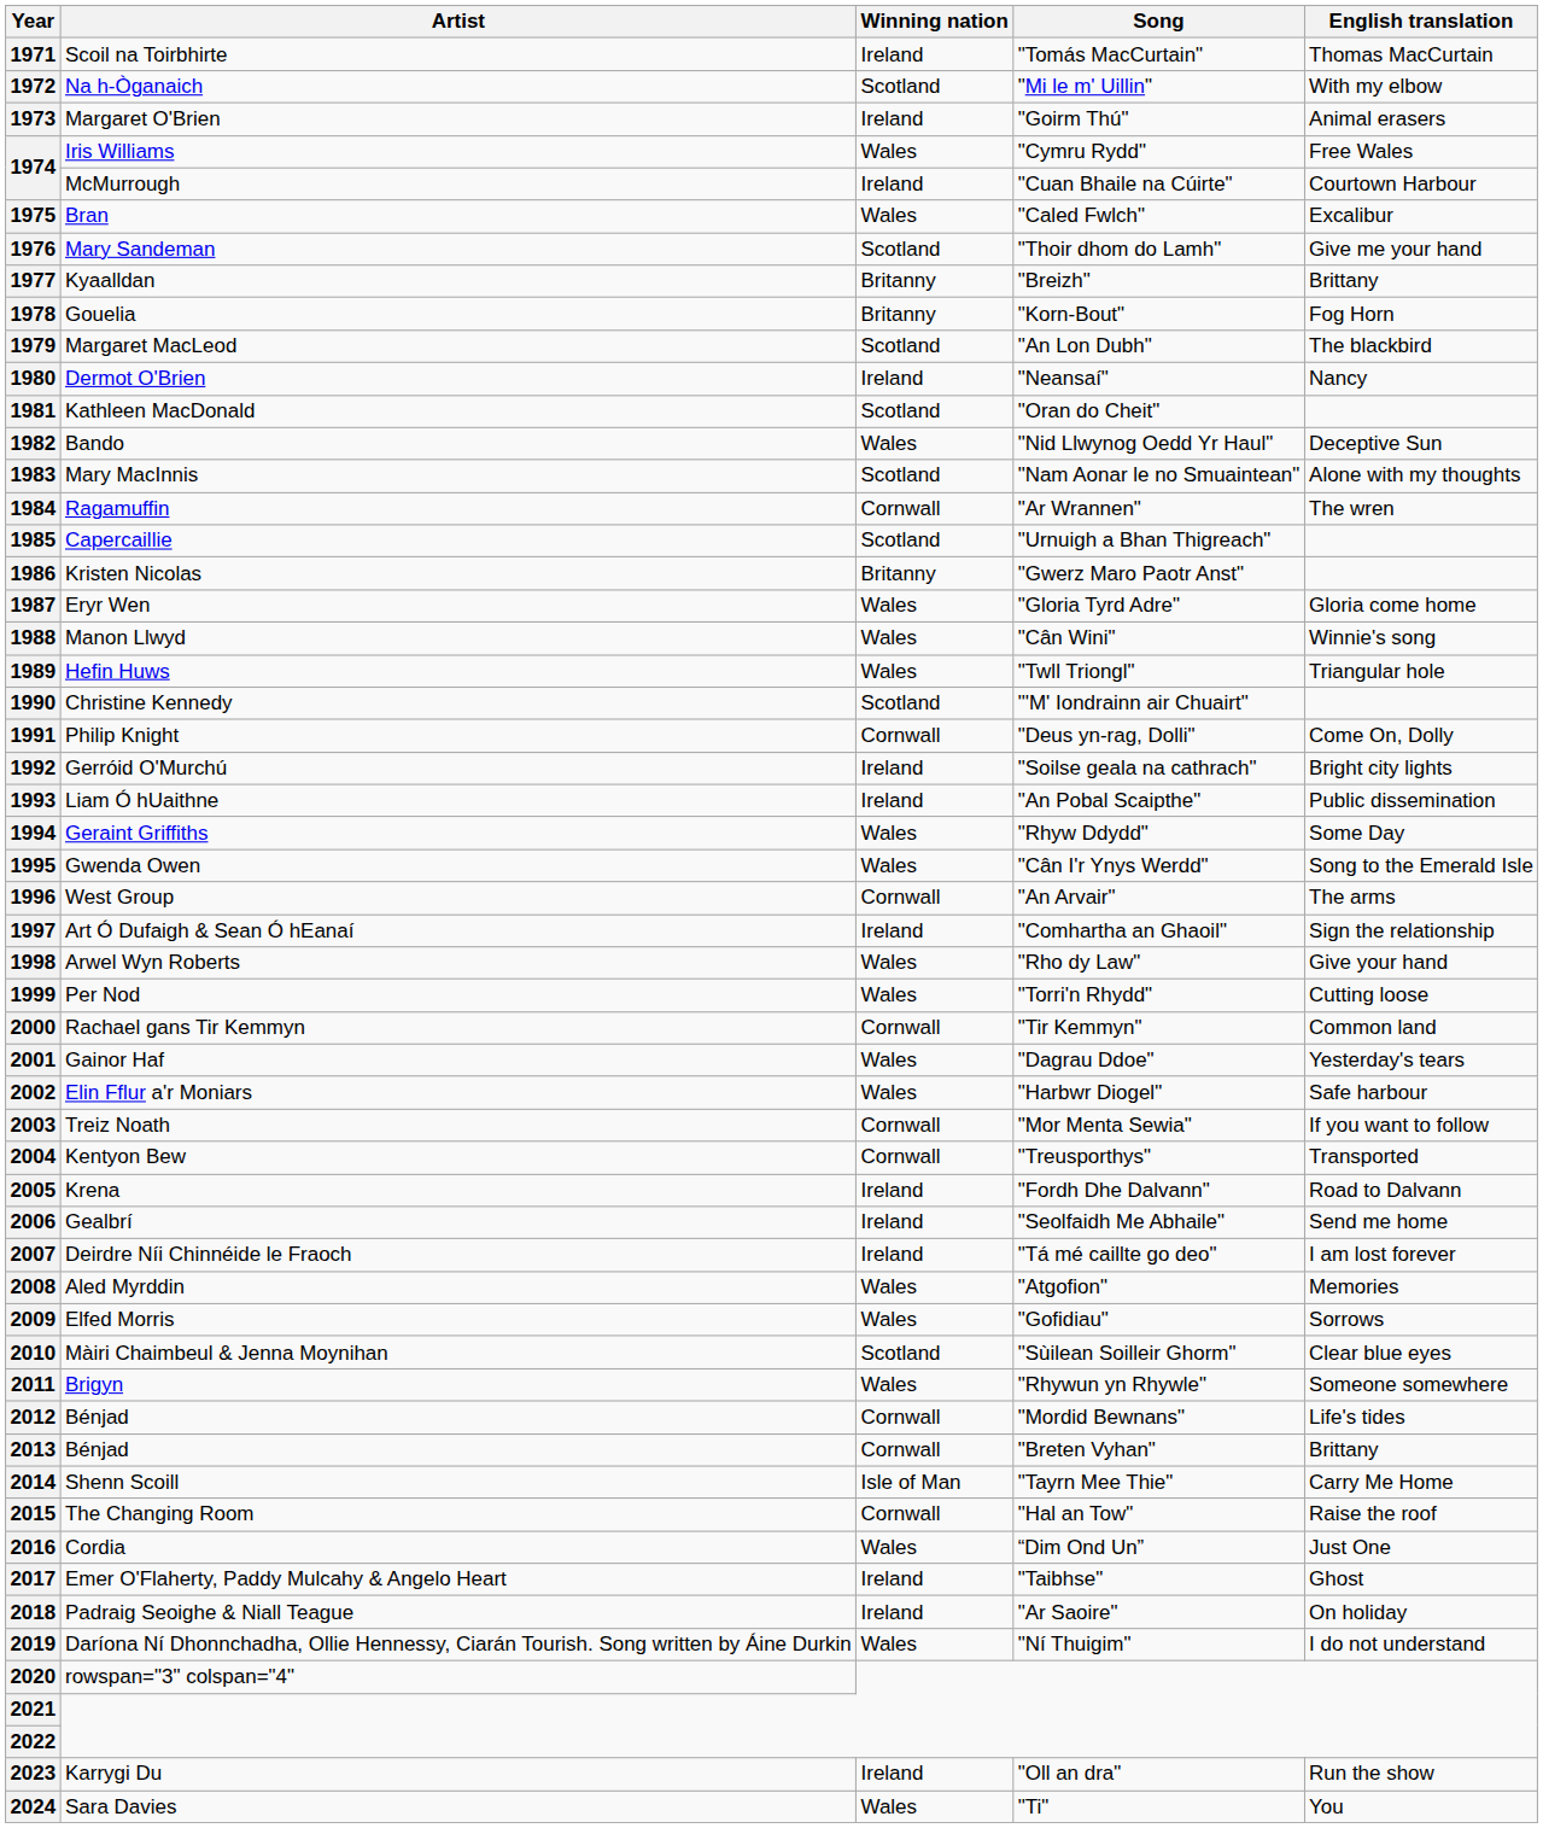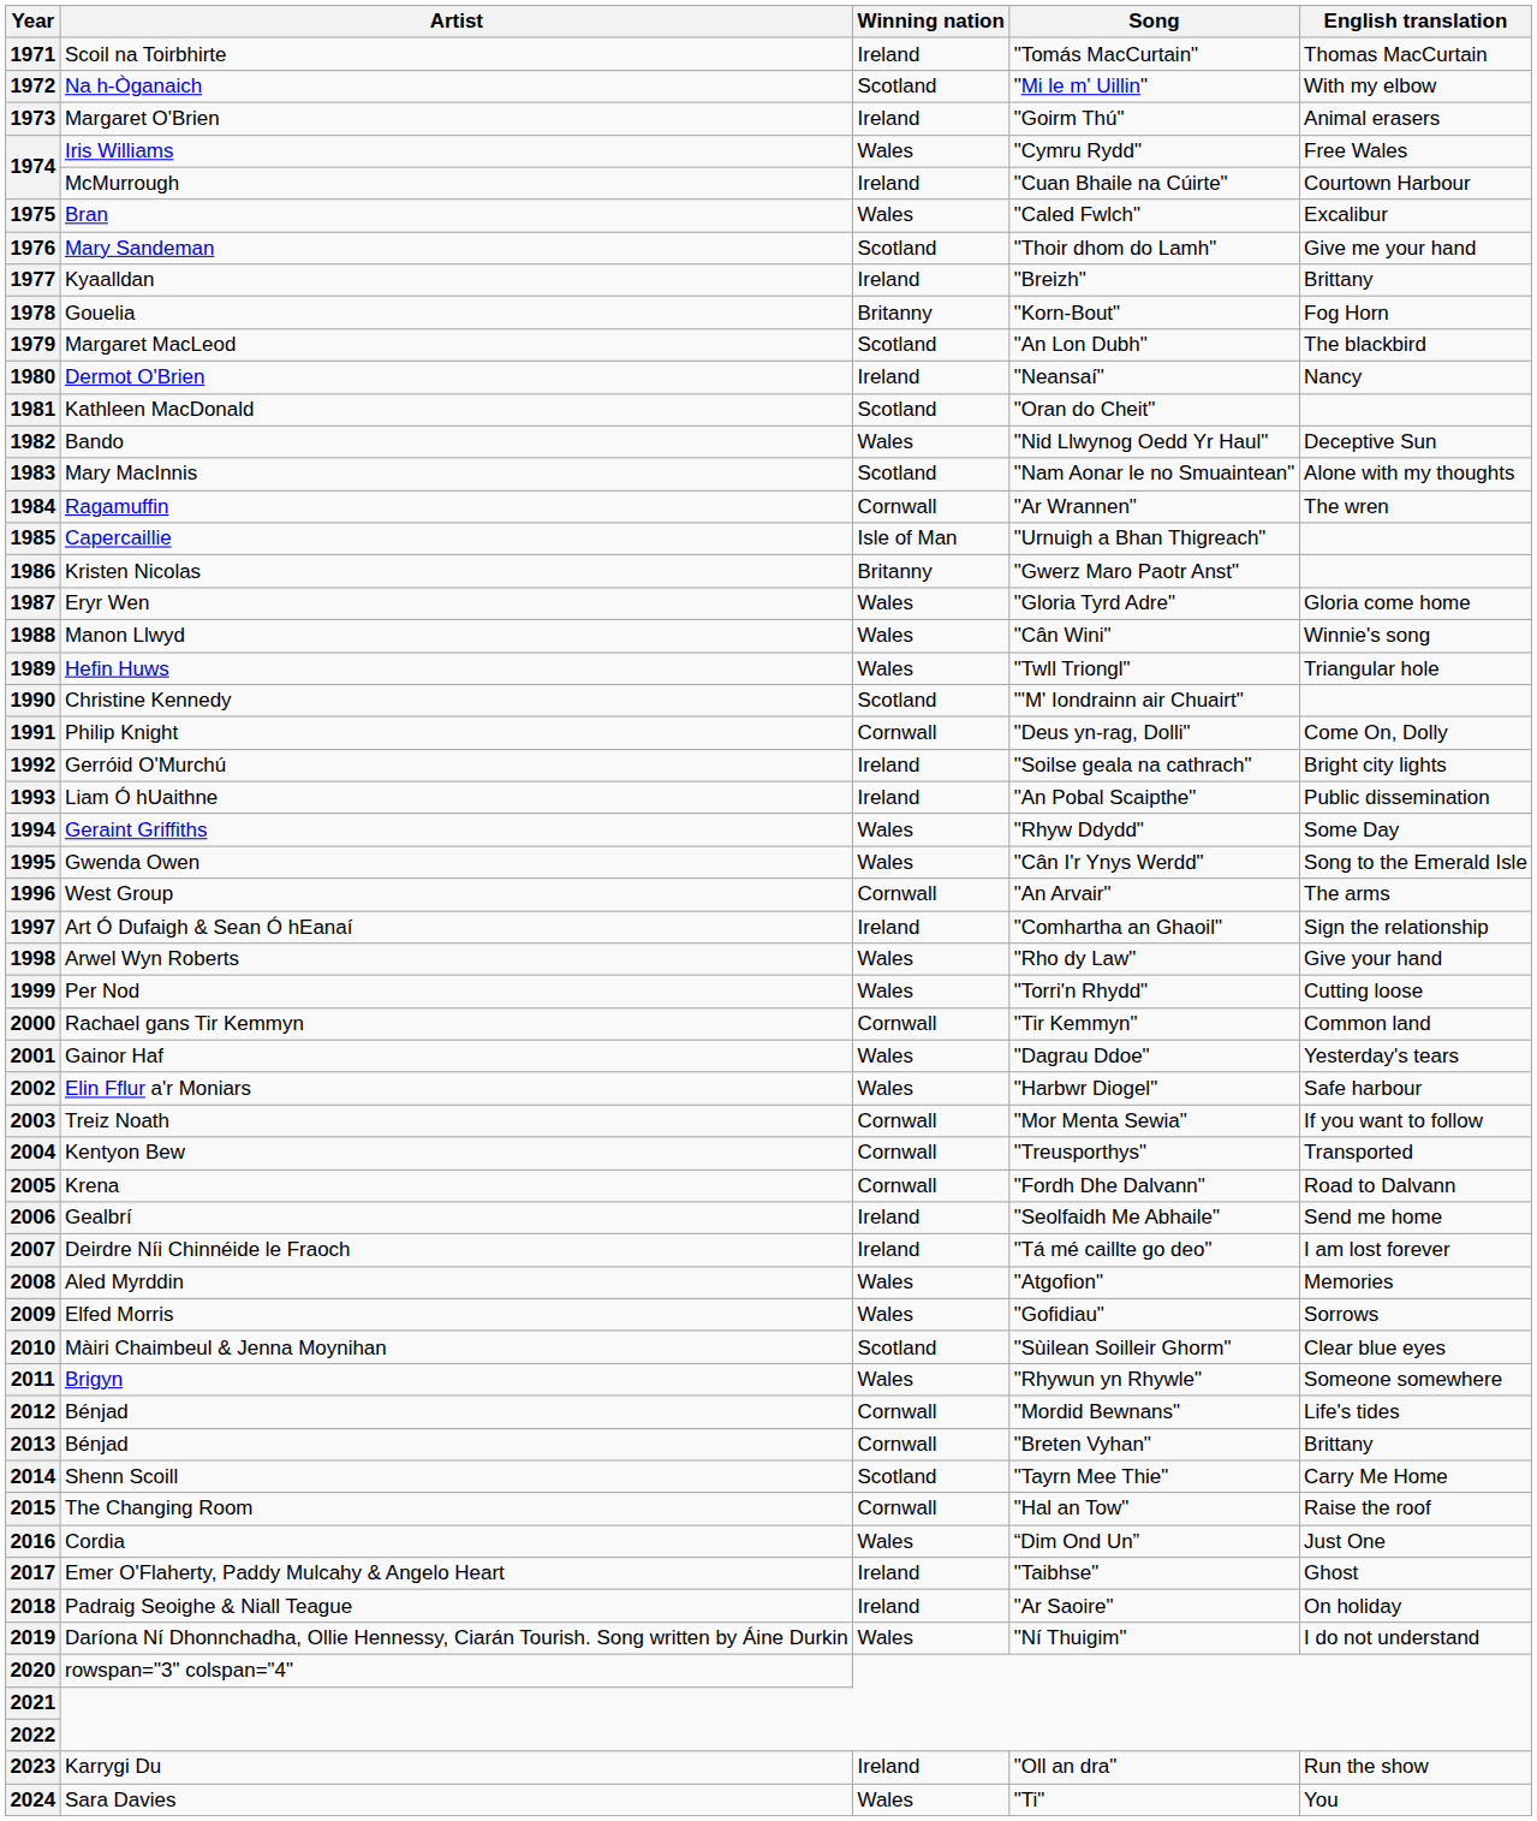 <table class="wikitable sortable">
 <tr>
 <th>Year</th>
 <th>Artist</th>
 <th>Winning nation</th>
 <th>Song</th>
 <th>English translation</th>
 </tr>
 <tr>
 <th>1971</th>
 <td>Scoil na Toirbhirte</td>
 <td>Ireland</td>
 <td>"Tomás MacCurtain"</td>
 <td>Thomas MacCurtain</td>
 </tr>
 <tr>
 <th>1972</th>
 <td><a href='#'>Na h-Òganaich</a></td>
 <td>Scotland</td>
 <td>"<a href='#'>Mi le m' Uillin</a>"</td>
 <td>With my elbow</td>
 </tr>
 <tr>
 <th>1973</th>
 <td>Margaret O'Brien</td>
 <td>Ireland</td>
 <td>"Goirm Thú"</td>
 <td>Animal erasers</td>
 </tr>
 <tr>
 <th rowspan="2">1974</th>
 <td><a href='#'>Iris Williams</a></td>
 <td>Wales</td>
 <td>"Cymru Rydd"</td>
 <td>Free Wales</td>
 </tr>
 <tr>
 <td>McMurrough</td>
 <td>Ireland</td>
 <td>"Cuan Bhaile na Cúirte"</td>
 <td>Courtown Harbour</td>
 </tr>
 <tr>
 <th>1975</th>
 <td><a href='#'>Bran</a></td>
 <td>Wales</td>
 <td>"Caled Fwlch"</td>
 <td>Excalibur</td>
 </tr>
 <tr>
 <th>1976</th>
 <td><a href='#'>Mary Sandeman</a></td>
 <td>Scotland</td>
 <td>"Thoir dhom do Lamh"</td>
 <td>Give me your hand</td>
 </tr>
 <tr>
 <th>1977</th>
 <td>Kyaalldan</td>
-<td>Britanny</td>
+<td>Ireland</td>
 <td>"Breizh"</td>
 <td>Brittany</td>
 </tr>
 <tr>
 <th>1978</th>
 <td>Gouelia</td>
 <td>Britanny</td>
 <td>"Korn-Bout"</td>
 <td>Fog Horn</td>
 </tr>
 <tr>
 <th>1979</th>
 <td>Margaret MacLeod</td>
 <td>Scotland</td>
 <td>"An Lon Dubh"</td>
 <td>The blackbird</td>
 </tr>
 <tr>
 <th>1980</th>
 <td><a href='#'>Dermot O'Brien</a></td>
 <td>Ireland</td>
 <td>"Neansaí"</td>
 <td>Nancy</td>
 </tr>
 <tr>
 <th>1981</th>
 <td>Kathleen MacDonald</td>
 <td>Scotland</td>
 <td>"Oran do Cheit"</td>
 <td></td>
 </tr>
 <tr>
 <th>1982</th>
 <td>Bando</td>
 <td>Wales</td>
 <td>"Nid Llwynog Oedd Yr Haul"</td>
 <td>Deceptive Sun</td>
 </tr>
 <tr>
 <th>1983</th>
 <td>Mary MacInnis</td>
 <td>Scotland</td>
 <td>"Nam Aonar le no Smuaintean"</td>
 <td>Alone with my thoughts</td>
 </tr>
 <tr>
 <th>1984</th>
 <td><a href='#'>Ragamuffin</a></td>
 <td>Cornwall</td>
 <td>"Ar Wrannen"</td>
 <td>The wren</td>
 </tr>
 <tr>
 <th>1985</th>
 <td><a href='#'>Capercaillie</a></td>
-<td>Scotland</td>
+<td>Isle of Man</td>
 <td>"Urnuigh a Bhan Thigreach"</td>
 <td></td>
 </tr>
 <tr>
 <th>1986</th>
 <td>Kristen Nicolas</td>
 <td>Britanny</td>
 <td>"Gwerz Maro Paotr Anst"</td>
 <td></td>
 </tr>
 <tr>
 <th>1987</th>
 <td>Eryr Wen</td>
 <td>Wales</td>
 <td>"Gloria Tyrd Adre"</td>
 <td>Gloria come home</td>
 </tr>
 <tr>
 <th>1988</th>
 <td>Manon Llwyd</td>
 <td>Wales</td>
 <td>"Cân Wini"</td>
 <td>Winnie's song</td>
 </tr>
 <tr>
 <th>1989</th>
 <td><a href='#'>Hefin Huws</a></td>
 <td>Wales</td>
 <td>"Twll Triongl"</td>
 <td>Triangular hole</td>
 </tr>
 <tr>
 <th>1990</th>
 <td>Christine Kennedy</td>
 <td>Scotland</td>
 <td>"'M' Iondrainn air Chuairt"</td>
 <td></td>
 </tr>
 <tr>
 <th>1991</th>
 <td>Philip Knight</td>
 <td>Cornwall</td>
 <td>"Deus yn-rag, Dolli"</td>
 <td>Come On, Dolly</td>
 </tr>
 <tr>
 <th>1992</th>
 <td>Gerróid O'Murchú</td>
 <td>Ireland</td>
 <td>"Soilse geala na cathrach"</td>
 <td>Bright city lights</td>
 </tr>
 <tr>
 <th>1993</th>
 <td>Liam Ó hUaithne</td>
 <td>Ireland</td>
 <td>"An Pobal Scaipthe"</td>
 <td>Public dissemination</td>
 </tr>
 <tr>
 <th>1994</th>
 <td><a href='#'>Geraint Griffiths</a></td>
 <td>Wales</td>
 <td>"Rhyw Ddydd"</td>
 <td>Some Day</td>
 </tr>
 <tr>
 <th>1995</th>
 <td>Gwenda Owen</td>
 <td>Wales</td>
 <td>"Cân I'r Ynys Werdd"</td>
 <td>Song to the Emerald Isle</td>
 </tr>
 <tr>
 <th>1996</th>
 <td>West Group</td>
 <td>Cornwall</td>
 <td>"An Arvair"</td>
 <td>The arms</td>
 </tr>
 <tr>
 <th>1997</th>
 <td>Art Ó Dufaigh & Sean Ó hEanaí</td>
 <td>Ireland</td>
 <td>"Comhartha an Ghaoil"</td>
 <td>Sign the relationship</td>
 </tr>
 <tr>
 <th>1998</th>
 <td>Arwel Wyn Roberts</td>
 <td>Wales</td>
 <td>"Rho dy Law"</td>
 <td>Give your hand</td>
 </tr>
 <tr>
 <th>1999</th>
 <td>Per Nod</td>
 <td>Wales</td>
 <td>"Torri'n Rhydd"</td>
 <td>Cutting loose</td>
 </tr>
 <tr>
 <th>2000</th>
 <td>Rachael gans Tir Kemmyn</td>
 <td>Cornwall</td>
 <td>"Tir Kemmyn"</td>
 <td>Common land</td>
 </tr>
 <tr>
 <th>2001</th>
 <td>Gainor Haf</td>
 <td>Wales</td>
 <td>"Dagrau Ddoe"</td>
 <td>Yesterday's tears</td>
 </tr>
 <tr>
 <th>2002</th>
 <td><a href='#'>Elin Fflur</a> a'r Moniars</td>
 <td>Wales</td>
 <td>"Harbwr Diogel"</td>
 <td>Safe harbour</td>
 </tr>
 <tr>
 <th>2003</th>
 <td>Treiz Noath</td>
 <td>Cornwall</td>
 <td>"Mor Menta Sewia"</td>
 <td>If you want to follow</td>
 </tr>
 <tr>
 <th>2004</th>
 <td>Kentyon Bew</td>
 <td>Cornwall</td>
 <td>"Treusporthys"</td>
 <td>Transported</td>
 </tr>
 <tr>
 <th>2005</th>
 <td>Krena</td>
-<td>Ireland</td>
+<td>Cornwall</td>
 <td>"Fordh Dhe Dalvann"</td>
 <td>Road to Dalvann</td>
 </tr>
 <tr>
 <th>2006</th>
 <td>Gealbrí</td>
 <td>Ireland</td>
 <td>"Seolfaidh Me Abhaile"</td>
 <td>Send me home</td>
 </tr>
 <tr>
 <th>2007</th>
 <td>Deirdre Níi Chinnéide le Fraoch</td>
 <td>Ireland</td>
 <td>"Tá mé caillte go deo"</td>
 <td>I am lost forever</td>
 </tr>
 <tr>
 <th>2008</th>
 <td>Aled Myrddin</td>
 <td>Wales</td>
 <td>"Atgofion"</td>
 <td>Memories</td>
 </tr>
 <tr>
 <th>2009</th>
 <td>Elfed Morris</td>
 <td>Wales</td>
 <td>"Gofidiau"</td>
 <td>Sorrows</td>
 </tr>
 <tr>
 <th>2010</th>
 <td>Màiri Chaimbeul & Jenna Moynihan</td>
 <td>Scotland</td>
 <td>"Sùilean Soilleir Ghorm"</td>
 <td>Clear blue eyes</td>
 </tr>
 <tr>
 <th>2011</th>
 <td><a href='#'>Brigyn</a></td>
 <td>Wales</td>
 <td>"Rhywun yn Rhywle"</td>
 <td>Someone somewhere</td>
 </tr>
 <tr>
 <th>2012</th>
 <td>Bénjad</td>
 <td>Cornwall</td>
 <td>"Mordid Bewnans"</td>
 <td>Life's tides</td>
 </tr>
 <tr>
 <th>2013</th>
 <td>Bénjad</td>
 <td>Cornwall</td>
 <td>"Breten Vyhan"</td>
 <td>Brittany</td>
 </tr>
 <tr>
 <th>2014</th>
 <td>Shenn Scoill</td>
-<td>Isle of Man</td>
+<td>Scotland</td>
 <td>"Tayrn Mee Thie"</td>
 <td>Carry Me Home</td>
 </tr>
 <tr>
 <th>2015</th>
 <td>The Changing Room</td>
 <td>Cornwall</td>
 <td>"Hal an Tow"</td>
 <td>Raise the roof</td>
 </tr>
 <tr>
 <th>2016</th>
 <td>Cordia</td>
 <td>Wales</td>
 <td>“Dim Ond Un”</td>
 <td>Just One</td>
 </tr>
 <tr>
 <th>2017</th>
 <td>Emer O'Flaherty, Paddy Mulcahy & Angelo Heart</td>
 <td>Ireland</td>
 <td>"Taibhse"</td>
 <td>Ghost</td>
 </tr>
 <tr>
 <th>2018</th>
 <td>Padraig Seoighe & Niall Teague</td>
 <td>Ireland</td>
 <td>"Ar Saoire"</td>
 <td>On holiday</td>
 </tr>
 <tr>
 <th>2019</th>
 <td>Daríona Ní Dhonnchadha, Ollie Hennessy, Ciarán Tourish. Song written by Áine Durkin</td>
 <td>Wales</td>
 <td>"Ní Thuigim"</td>
 <td>I do not understand</td>
 </tr>
 <tr>
 <th>2020</th>
 <td>rowspan="3" colspan="4" </td>
 </tr>
 <tr>
 <th>2021</th>
 </tr>
 <tr>
 <th>2022</th>
 </tr>
 <tr>
 <th>2023</th>
 <td>Karrygi Du</td>
 <td>Ireland</td>
 <td>"Oll an dra"</td>
 <td>Run the show</td>
 </tr>
 <tr>
 <th>2024</th>
 <td>Sara Davies</td>
 <td>Wales</td>
 <td>"Ti"</td>
 <td>You</td>
 </tr>
 <tr>
 </tr>
 </table>
